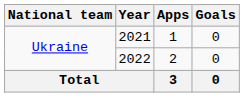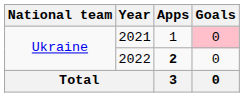 <table class="wikitable" style="text-align:center">
 <tr>
 <th>National team</th>
 <th>Year</th>
 <th>Apps</th>
 <th>Goals</th>
 </tr>
 <tr>
 <td rowspan="2"><a href='#'>Ukraine</a></td>
 <td>2021</td>
 <td>1</td>
-<td>0</td>
+<td style="background: pink;">0</td>
 </tr>
 <tr>
 <td>2022</td>
-<td>2</td>
+<td><strong>2</strong></td>
 <td>0</td>
 </tr>
 <tr>
 <th colspan="2">Total</th>
 <th>3</th>
 <th>0</th>
 </tr>
 </table>
